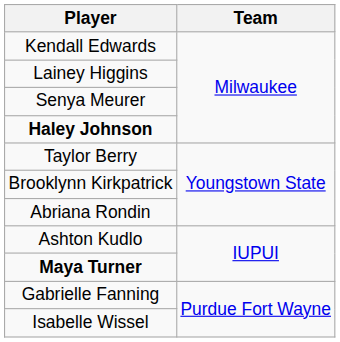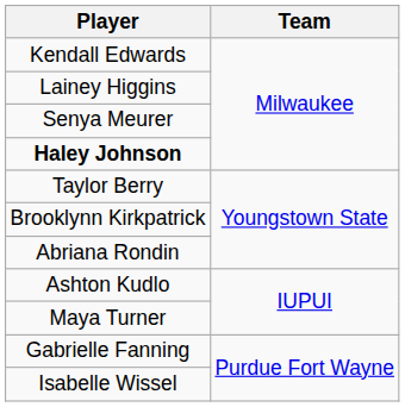 <table class="wikitable" style="text-align: center;">
 <tr>
 <th>Player</th>
 <th>Team</th>
 </tr>
 <tr>
 <td>Kendall Edwards</td>
 <td rowspan=4><a href='#'>Milwaukee</a></td>
 </tr>
 <tr>
 <td>Lainey Higgins</td>
 </tr>
 <tr>
 <td>Senya Meurer</td>
 </tr>
 <tr>
 <td><strong>Haley Johnson</strong></td>
 </tr>
 <tr>
 <td>Taylor Berry</td>
 <td rowspan=3><a href='#'>Youngstown State</a></td>
 </tr>
 <tr>
 <td>Brooklynn Kirkpatrick</td>
 </tr>
 <tr>
 <td>Abriana Rondin</td>
 </tr>
 <tr>
 <td>Ashton Kudlo</td>
 <td rowspan=2><a href='#'>IUPUI</a></td>
 </tr>
 <tr>
-<td><strong>Maya Turner</strong></td>
+<td>Maya Turner</td>
 </tr>
 <tr>
 <td>Gabrielle Fanning</td>
 <td rowspan=2><a href='#'>Purdue Fort Wayne</a></td>
 </tr>
 <tr>
 <td>Isabelle Wissel</td>
 </tr>
 </table>
